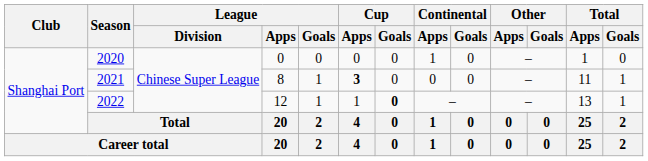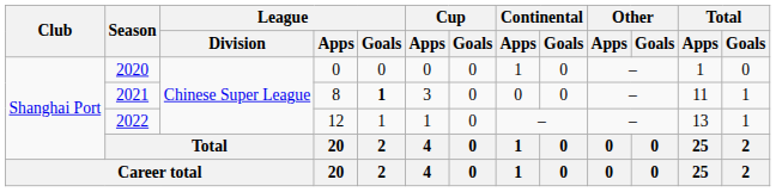 <table class="wikitable" style="text-align: center">
 <tr>
 <th rowspan="2">Club</th>
 <th rowspan="2">Season</th>
 <th colspan="3">League</th>
 <th colspan="2">Cup</th>
 <th colspan="2">Continental</th>
 <th colspan="2">Other</th>
 <th colspan="2">Total</th>
 </tr>
 <tr>
 <th>Division</th>
 <th>Apps</th>
 <th>Goals</th>
 <th>Apps</th>
 <th>Goals</th>
 <th>Apps</th>
 <th>Goals</th>
 <th>Apps</th>
 <th>Goals</th>
 <th>Apps</th>
 <th>Goals</th>
 </tr>
 <tr>
 <td rowspan=4><a href='#'>Shanghai Port</a></td>
 <td><a href='#'>2020</a></td>
 <td rowspan="3"><a href='#'>Chinese Super League</a></td>
 <td>0</td>
 <td>0</td>
 <td>0</td>
 <td>0</td>
 <td>1</td>
 <td>0</td>
 <td colspan="2">–</td>
 <td>1</td>
 <td>0</td>
 </tr>
 <tr>
 <td><a href='#'>2021</a></td>
 <td>8</td>
-<td>1</td>
-<td><strong>3</strong></td>
+<td><strong>1</strong></td>
+<td>3</td>
 <td>0</td>
 <td>0</td>
 <td>0</td>
 <td colspan="2">–</td>
 <td>11</td>
 <td>1</td>
 </tr>
 <tr>
 <td><a href='#'>2022</a></td>
 <td>12</td>
 <td>1</td>
 <td>1</td>
-<td><strong>0</strong></td>
+<td>0</td>
 <td colspan="2">–</td>
 <td colspan="2">–</td>
 <td>13</td>
 <td>1</td>
 </tr>
 <tr>
 <th colspan=2>Total</th>
 <th>20</th>
 <th>2</th>
 <th>4</th>
 <th>0</th>
 <th>1</th>
 <th>0</th>
 <th>0</th>
 <th>0</th>
 <th>25</th>
 <th>2</th>
 </tr>
 <tr>
 <th colspan=3>Career total</th>
 <th>20</th>
 <th>2</th>
 <th>4</th>
 <th>0</th>
 <th>1</th>
 <th>0</th>
 <th>0</th>
 <th>0</th>
 <th>25</th>
 <th>2</th>
 </tr>
 </table>
